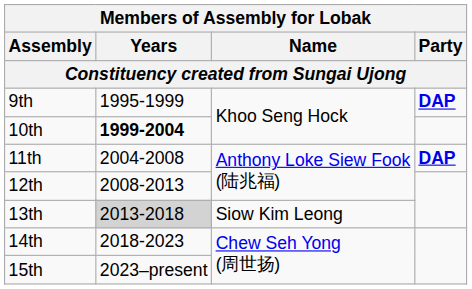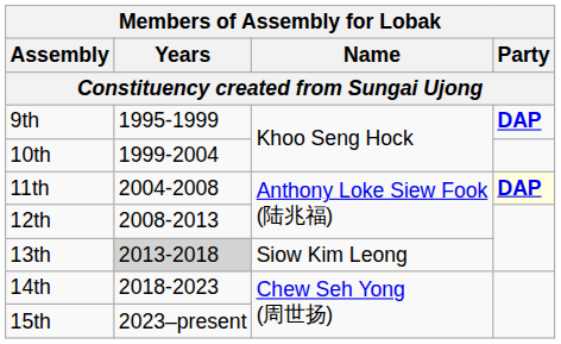 <table class="wikitable">
 <tr>
 <th colspan="4">Members of Assembly for Lobak</th>
 </tr>
 <tr>
 <th>Assembly</th>
 <th>Years</th>
 <th>Name</th>
 <th>Party</th>
 </tr>
 <tr>
 <th colspan="4"><em>Constituency created from Sungai Ujong</em></th>
 </tr>
 <tr>
 <td>9th</td>
 <td>1995-1999</td>
 <td rowspan="2">Khoo Seng Hock</td>
 <td><strong><a href='#'>DAP</a></strong></td>
 </tr>
 <tr>
 <td>10th</td>
-<td><strong>1999-2004</strong></td>
+<td>1999-2004</td>
 <td></td>
 </tr>
 <tr>
 <td>11th</td>
 <td>2004-2008</td>
 <td rowspan="2"><a href='#'>Anthony Loke Siew Fook</a> <br> (陆兆福)</td>
-<td rowspan="1"><strong><a href='#'>DAP</a></strong></td>
+<td rowspan="1" style="background: lightyellow;"><strong><a href='#'>DAP</a></strong></td>
 </tr>
 <tr>
 <td>12th</td>
 <td>2008-2013</td>
 <td rowspan=2></td>
 </tr>
 <tr>
 <td>13th</td>
 <td style="background: lightgrey;">2013-2018</td>
 <td>Siow Kim Leong</td>
 </tr>
 <tr>
 <td>14th</td>
 <td>2018-2023</td>
 <td rowspan="2"><a href='#'>Chew Seh Yong</a> <br> (周世扬)</td>
 <td rowspan="2"></td>
 </tr>
 <tr>
 <td>15th</td>
 <td>2023–present</td>
 </tr>
 </table>
